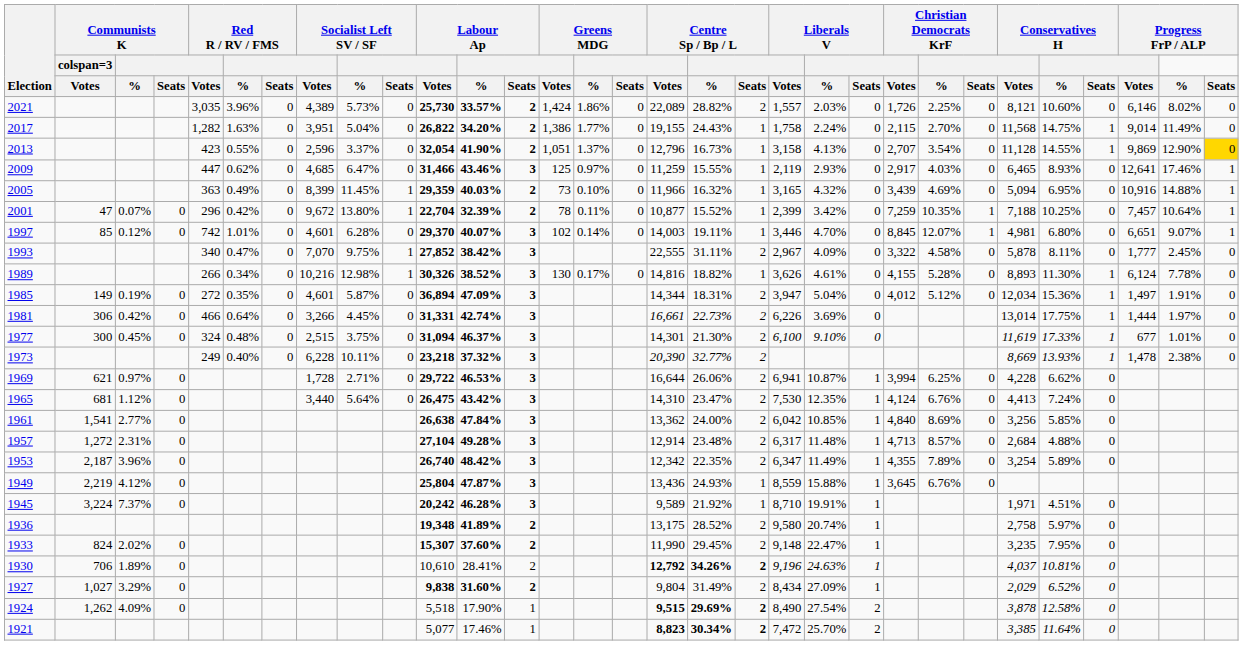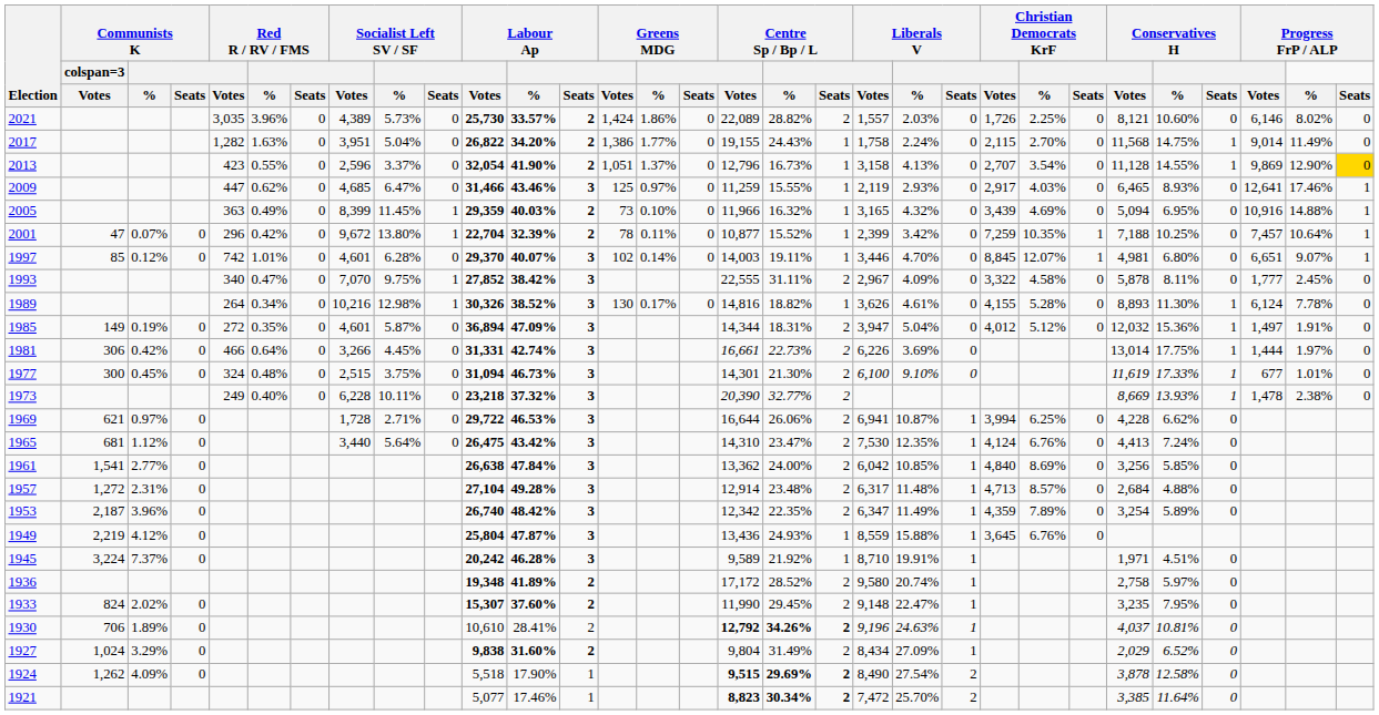 <table class="wikitable" border="1" style="font-size:80%; text-align:right;">
 <tr>
 <th style="text-align:left;" valign=bottom rowspan=3>Election</th>
 <th valign=bottom colspan=3><a href='#'>Communists</a><br>K</th>
 <th valign=bottom colspan=3><a href='#'>Red</a><br>R / RV / FMS</th>
 <th valign=bottom colspan=3><a href='#'>Socialist Left</a><br>SV / SF</th>
 <th valign=bottom colspan=3><a href='#'>Labour</a><br>Ap</th>
 <th valign=bottom colspan=3><a href='#'>Greens</a><br>MDG</th>
 <th valign=bottom colspan=3><a href='#'>Centre</a><br>Sp / Bp / L</th>
 <th valign=bottom colspan=3><a href='#'>Liberals</a><br>V</th>
 <th valign=bottom colspan=3><a href='#'>Christian<br>Democrats</a><br>KrF</th>
 <th valign=bottom colspan=3><a href='#'>Conservatives</a><br>H</th>
 <th valign=bottom colspan=3><a href='#'>Progress</a><br>FrP / ALP</th>
 </tr>
 <tr>
 <th>colspan=3 </th>
 <th colspan=3 style="background:"></th>
 <th colspan=3 style="background:"></th>
 <th colspan=3 style="background:"></th>
 <th colspan=3 style="background:"></th>
 <th colspan=3 style="background:"></th>
 <th colspan=3 style="background:"></th>
 <th colspan=3 style="background:"></th>
 <th colspan=3 style="background:"></th>
 <th colspan=3 style="background:"></th>
 </tr>
 <tr>
 <th>Votes</th>
 <th>%</th>
 <th>Seats</th>
 <th>Votes</th>
 <th>%</th>
 <th>Seats</th>
 <th>Votes</th>
 <th>%</th>
 <th>Seats</th>
 <th>Votes</th>
 <th>%</th>
 <th>Seats</th>
 <th>Votes</th>
 <th>%</th>
 <th>Seats</th>
 <th>Votes</th>
 <th>%</th>
 <th>Seats</th>
 <th>Votes</th>
 <th>%</th>
 <th>Seats</th>
 <th>Votes</th>
 <th>%</th>
 <th>Seats</th>
 <th>Votes</th>
 <th>%</th>
 <th>Seats</th>
 <th>Votes</th>
 <th>%</th>
 <th>Seats</th>
 </tr>
 <tr>
 <td align=left><a href='#'>2021</a></td>
 <td></td>
 <td></td>
 <td></td>
 <td>3,035</td>
 <td>3.96%</td>
 <td>0</td>
 <td>4,389</td>
 <td>5.73%</td>
 <td>0</td>
 <td><strong>25,730</strong></td>
 <td><strong>33.57%</strong></td>
 <td><strong>2</strong></td>
 <td>1,424</td>
 <td>1.86%</td>
 <td>0</td>
 <td>22,089</td>
 <td>28.82%</td>
 <td>2</td>
 <td>1,557</td>
 <td>2.03%</td>
 <td>0</td>
 <td>1,726</td>
 <td>2.25%</td>
 <td>0</td>
 <td>8,121</td>
 <td>10.60%</td>
 <td>0</td>
 <td>6,146</td>
 <td>8.02%</td>
 <td>0</td>
 </tr>
 <tr>
 <td align=left><a href='#'>2017</a></td>
 <td></td>
 <td></td>
 <td></td>
 <td>1,282</td>
 <td>1.63%</td>
 <td>0</td>
 <td>3,951</td>
 <td>5.04%</td>
 <td>0</td>
 <td><strong>26,822</strong></td>
 <td><strong>34.20%</strong></td>
 <td><strong>2</strong></td>
 <td>1,386</td>
 <td>1.77%</td>
 <td>0</td>
 <td>19,155</td>
 <td>24.43%</td>
 <td>1</td>
 <td>1,758</td>
 <td>2.24%</td>
 <td>0</td>
 <td>2,115</td>
 <td>2.70%</td>
 <td>0</td>
 <td>11,568</td>
 <td>14.75%</td>
 <td>1</td>
 <td>9,014</td>
 <td>11.49%</td>
 <td>0</td>
 </tr>
 <tr>
 <td align=left><a href='#'>2013</a></td>
 <td></td>
 <td></td>
 <td></td>
 <td>423</td>
 <td>0.55%</td>
 <td>0</td>
 <td>2,596</td>
 <td>3.37%</td>
 <td>0</td>
 <td><strong>32,054</strong></td>
 <td><strong>41.90%</strong></td>
 <td><strong>2</strong></td>
 <td>1,051</td>
 <td>1.37%</td>
 <td>0</td>
 <td>12,796</td>
 <td>16.73%</td>
 <td>1</td>
 <td>3,158</td>
 <td>4.13%</td>
 <td>0</td>
 <td>2,707</td>
 <td>3.54%</td>
 <td>0</td>
 <td>11,128</td>
 <td>14.55%</td>
 <td>1</td>
 <td>9,869</td>
 <td>12.90%</td>
 <td style="background: gold;">0</td>
 </tr>
 <tr>
 <td align=left><a href='#'>2009</a></td>
 <td></td>
 <td></td>
 <td></td>
 <td>447</td>
 <td>0.62%</td>
 <td>0</td>
 <td>4,685</td>
 <td>6.47%</td>
 <td>0</td>
 <td><strong>31,466</strong></td>
 <td><strong>43.46%</strong></td>
 <td><strong>3</strong></td>
 <td>125</td>
 <td>0.97%</td>
 <td>0</td>
 <td>11,259</td>
 <td>15.55%</td>
 <td>1</td>
 <td>2,119</td>
 <td>2.93%</td>
 <td>0</td>
 <td>2,917</td>
 <td>4.03%</td>
 <td>0</td>
 <td>6,465</td>
 <td>8.93%</td>
 <td>0</td>
 <td>12,641</td>
 <td>17.46%</td>
 <td>1</td>
 </tr>
 <tr>
 <td align=left><a href='#'>2005</a></td>
 <td></td>
 <td></td>
 <td></td>
 <td>363</td>
 <td>0.49%</td>
 <td>0</td>
 <td>8,399</td>
 <td>11.45%</td>
 <td>1</td>
 <td><strong>29,359</strong></td>
 <td><strong>40.03%</strong></td>
 <td><strong>2</strong></td>
 <td>73</td>
 <td>0.10%</td>
 <td>0</td>
 <td>11,966</td>
 <td>16.32%</td>
 <td>1</td>
 <td>3,165</td>
 <td>4.32%</td>
 <td>0</td>
 <td>3,439</td>
 <td>4.69%</td>
 <td>0</td>
 <td>5,094</td>
 <td>6.95%</td>
 <td>0</td>
 <td>10,916</td>
 <td>14.88%</td>
 <td>1</td>
 </tr>
 <tr>
 <td align=left><a href='#'>2001</a></td>
 <td>47</td>
 <td>0.07%</td>
 <td>0</td>
 <td>296</td>
 <td>0.42%</td>
 <td>0</td>
 <td>9,672</td>
 <td>13.80%</td>
 <td>1</td>
 <td><strong>22,704</strong></td>
 <td><strong>32.39%</strong></td>
 <td><strong>2</strong></td>
 <td>78</td>
 <td>0.11%</td>
 <td>0</td>
 <td>10,877</td>
 <td>15.52%</td>
 <td>1</td>
 <td>2,399</td>
 <td>3.42%</td>
 <td>0</td>
 <td>7,259</td>
 <td>10.35%</td>
 <td>1</td>
 <td>7,188</td>
 <td>10.25%</td>
 <td>0</td>
 <td>7,457</td>
 <td>10.64%</td>
 <td>1</td>
 </tr>
 <tr>
 <td align=left><a href='#'>1997</a></td>
 <td>85</td>
 <td>0.12%</td>
 <td>0</td>
 <td>742</td>
 <td>1.01%</td>
 <td>0</td>
 <td>4,601</td>
 <td>6.28%</td>
 <td>0</td>
 <td><strong>29,370</strong></td>
 <td><strong>40.07%</strong></td>
 <td><strong>3</strong></td>
 <td>102</td>
 <td>0.14%</td>
 <td>0</td>
 <td>14,003</td>
 <td>19.11%</td>
 <td>1</td>
 <td>3,446</td>
 <td>4.70%</td>
 <td>0</td>
 <td>8,845</td>
 <td>12.07%</td>
 <td>1</td>
 <td>4,981</td>
 <td>6.80%</td>
 <td>0</td>
 <td>6,651</td>
 <td>9.07%</td>
 <td>1</td>
 </tr>
 <tr>
 <td align=left><a href='#'>1993</a></td>
 <td></td>
 <td></td>
 <td></td>
 <td>340</td>
 <td>0.47%</td>
 <td>0</td>
 <td>7,070</td>
 <td>9.75%</td>
 <td>1</td>
 <td><strong>27,852</strong></td>
 <td><strong>38.42%</strong></td>
 <td><strong>3</strong></td>
 <td></td>
 <td></td>
 <td></td>
 <td>22,555</td>
 <td>31.11%</td>
 <td>2</td>
 <td>2,967</td>
 <td>4.09%</td>
 <td>0</td>
 <td>3,322</td>
 <td>4.58%</td>
 <td>0</td>
 <td>5,878</td>
 <td>8.11%</td>
 <td>0</td>
 <td>1,777</td>
 <td>2.45%</td>
 <td>0</td>
 </tr>
 <tr>
 <td align=left><a href='#'>1989</a></td>
 <td></td>
 <td></td>
 <td></td>
-<td>266</td>
+<td>264</td>
 <td>0.34%</td>
 <td>0</td>
 <td>10,216</td>
 <td>12.98%</td>
 <td>1</td>
 <td><strong>30,326</strong></td>
 <td><strong>38.52%</strong></td>
 <td><strong>3</strong></td>
 <td>130</td>
 <td>0.17%</td>
 <td>0</td>
 <td>14,816</td>
 <td>18.82%</td>
 <td>1</td>
 <td>3,626</td>
 <td>4.61%</td>
 <td>0</td>
 <td>4,155</td>
 <td>5.28%</td>
 <td>0</td>
 <td>8,893</td>
 <td>11.30%</td>
 <td>1</td>
 <td>6,124</td>
 <td>7.78%</td>
 <td>0</td>
 </tr>
 <tr>
 <td align=left><a href='#'>1985</a></td>
 <td>149</td>
 <td>0.19%</td>
 <td>0</td>
 <td>272</td>
 <td>0.35%</td>
 <td>0</td>
 <td>4,601</td>
 <td>5.87%</td>
 <td>0</td>
 <td><strong>36,894</strong></td>
 <td><strong>47.09%</strong></td>
 <td><strong>3</strong></td>
 <td></td>
 <td></td>
 <td></td>
 <td>14,344</td>
 <td>18.31%</td>
 <td>2</td>
 <td>3,947</td>
 <td>5.04%</td>
 <td>0</td>
 <td>4,012</td>
 <td>5.12%</td>
 <td>0</td>
-<td>12,034</td>
+<td>12,032</td>
 <td>15.36%</td>
 <td>1</td>
 <td>1,497</td>
 <td>1.91%</td>
 <td>0</td>
 </tr>
 <tr>
 <td align=left><a href='#'>1981</a></td>
 <td>306</td>
 <td>0.42%</td>
 <td>0</td>
 <td>466</td>
 <td>0.64%</td>
 <td>0</td>
 <td>3,266</td>
 <td>4.45%</td>
 <td>0</td>
 <td><strong>31,331</strong></td>
 <td><strong>42.74%</strong></td>
 <td><strong>3</strong></td>
 <td></td>
 <td></td>
 <td></td>
 <td><em>16,661</em></td>
 <td><em>22.73%</em></td>
 <td><em>2</em></td>
 <td>6,226</td>
 <td>3.69%</td>
 <td>0</td>
 <td></td>
 <td></td>
 <td></td>
 <td>13,014</td>
 <td>17.75%</td>
 <td>1</td>
 <td>1,444</td>
 <td>1.97%</td>
 <td>0</td>
 </tr>
 <tr>
 <td align=left><a href='#'>1977</a></td>
 <td>300</td>
 <td>0.45%</td>
 <td>0</td>
 <td>324</td>
 <td>0.48%</td>
 <td>0</td>
 <td>2,515</td>
 <td>3.75%</td>
 <td>0</td>
 <td><strong>31,094</strong></td>
-<td><strong>46.37%</strong></td>
+<td><strong>46.73%</strong></td>
 <td><strong>3</strong></td>
 <td></td>
 <td></td>
 <td></td>
 <td>14,301</td>
 <td>21.30%</td>
 <td>2</td>
 <td><em>6,100</em></td>
 <td><em>9.10%</em></td>
 <td><em>0</em></td>
 <td></td>
 <td></td>
 <td></td>
 <td><em>11,619</em></td>
 <td><em>17.33%</em></td>
 <td><em>1</em></td>
 <td>677</td>
 <td>1.01%</td>
 <td>0</td>
 </tr>
 <tr>
 <td align=left><a href='#'>1973</a></td>
 <td></td>
 <td></td>
 <td></td>
 <td>249</td>
 <td>0.40%</td>
 <td>0</td>
 <td>6,228</td>
 <td>10.11%</td>
 <td>0</td>
 <td><strong>23,218</strong></td>
 <td><strong>37.32%</strong></td>
 <td><strong>3</strong></td>
 <td></td>
 <td></td>
 <td></td>
 <td><em>20,390</em></td>
 <td><em>32.77%</em></td>
 <td><em>2</em></td>
 <td></td>
 <td></td>
 <td></td>
 <td></td>
 <td></td>
 <td></td>
 <td><em>8,669</em></td>
 <td><em>13.93%</em></td>
 <td><em>1</em></td>
 <td>1,478</td>
 <td>2.38%</td>
 <td>0</td>
 </tr>
 <tr>
 <td align=left><a href='#'>1969</a></td>
 <td>621</td>
 <td>0.97%</td>
 <td>0</td>
 <td></td>
 <td></td>
 <td></td>
 <td>1,728</td>
 <td>2.71%</td>
 <td>0</td>
 <td><strong>29,722</strong></td>
 <td><strong>46.53%</strong></td>
 <td><strong>3</strong></td>
 <td></td>
 <td></td>
 <td></td>
 <td>16,644</td>
 <td>26.06%</td>
 <td>2</td>
 <td>6,941</td>
 <td>10.87%</td>
 <td>1</td>
 <td>3,994</td>
 <td>6.25%</td>
 <td>0</td>
 <td>4,228</td>
 <td>6.62%</td>
 <td>0</td>
 <td></td>
 <td></td>
 <td></td>
 </tr>
 <tr>
 <td align=left><a href='#'>1965</a></td>
 <td>681</td>
 <td>1.12%</td>
 <td>0</td>
 <td></td>
 <td></td>
 <td></td>
 <td>3,440</td>
 <td>5.64%</td>
 <td>0</td>
 <td><strong>26,475</strong></td>
 <td><strong>43.42%</strong></td>
 <td><strong>3</strong></td>
 <td></td>
 <td></td>
 <td></td>
 <td>14,310</td>
 <td>23.47%</td>
 <td>2</td>
 <td>7,530</td>
 <td>12.35%</td>
 <td>1</td>
 <td>4,124</td>
 <td>6.76%</td>
 <td>0</td>
 <td>4,413</td>
 <td>7.24%</td>
 <td>0</td>
 <td></td>
 <td></td>
 <td></td>
 </tr>
 <tr>
 <td align=left><a href='#'>1961</a></td>
 <td>1,541</td>
 <td>2.77%</td>
 <td>0</td>
 <td></td>
 <td></td>
 <td></td>
 <td></td>
 <td></td>
 <td></td>
 <td><strong>26,638</strong></td>
 <td><strong>47.84%</strong></td>
 <td><strong>3</strong></td>
 <td></td>
 <td></td>
 <td></td>
 <td>13,362</td>
 <td>24.00%</td>
 <td>2</td>
 <td>6,042</td>
 <td>10.85%</td>
 <td>1</td>
 <td>4,840</td>
 <td>8.69%</td>
 <td>0</td>
 <td>3,256</td>
 <td>5.85%</td>
 <td>0</td>
 <td></td>
 <td></td>
 <td></td>
 </tr>
 <tr>
 <td align=left><a href='#'>1957</a></td>
 <td>1,272</td>
 <td>2.31%</td>
 <td>0</td>
 <td></td>
 <td></td>
 <td></td>
 <td></td>
 <td></td>
 <td></td>
 <td><strong>27,104</strong></td>
 <td><strong>49.28%</strong></td>
 <td><strong>3</strong></td>
 <td></td>
 <td></td>
 <td></td>
 <td>12,914</td>
 <td>23.48%</td>
 <td>2</td>
 <td>6,317</td>
 <td>11.48%</td>
 <td>1</td>
 <td>4,713</td>
 <td>8.57%</td>
 <td>0</td>
 <td>2,684</td>
 <td>4.88%</td>
 <td>0</td>
 <td></td>
 <td></td>
 <td></td>
 </tr>
 <tr>
 <td align=left><a href='#'>1953</a></td>
 <td>2,187</td>
 <td>3.96%</td>
 <td>0</td>
 <td></td>
 <td></td>
 <td></td>
 <td></td>
 <td></td>
 <td></td>
 <td><strong>26,740</strong></td>
 <td><strong>48.42%</strong></td>
 <td><strong>3</strong></td>
 <td></td>
 <td></td>
 <td></td>
 <td>12,342</td>
 <td>22.35%</td>
 <td>2</td>
 <td>6,347</td>
 <td>11.49%</td>
 <td>1</td>
-<td>4,355</td>
+<td>4,359</td>
 <td>7.89%</td>
 <td>0</td>
 <td>3,254</td>
 <td>5.89%</td>
 <td>0</td>
 <td></td>
 <td></td>
 <td></td>
 </tr>
 <tr>
 <td align=left><a href='#'>1949</a></td>
 <td>2,219</td>
 <td>4.12%</td>
 <td>0</td>
 <td></td>
 <td></td>
 <td></td>
 <td></td>
 <td></td>
 <td></td>
 <td><strong>25,804</strong></td>
 <td><strong>47.87%</strong></td>
 <td><strong>3</strong></td>
 <td></td>
 <td></td>
 <td></td>
 <td>13,436</td>
 <td>24.93%</td>
 <td>1</td>
 <td>8,559</td>
 <td>15.88%</td>
 <td>1</td>
 <td>3,645</td>
 <td>6.76%</td>
 <td>0</td>
 <td></td>
 <td></td>
 <td></td>
 <td></td>
 <td></td>
 <td></td>
 </tr>
 <tr>
 <td align=left><a href='#'>1945</a></td>
 <td>3,224</td>
 <td>7.37%</td>
 <td>0</td>
 <td></td>
 <td></td>
 <td></td>
 <td></td>
 <td></td>
 <td></td>
 <td><strong>20,242</strong></td>
 <td><strong>46.28%</strong></td>
 <td><strong>3</strong></td>
 <td></td>
 <td></td>
 <td></td>
 <td>9,589</td>
 <td>21.92%</td>
 <td>1</td>
 <td>8,710</td>
 <td>19.91%</td>
 <td>1</td>
 <td></td>
 <td></td>
 <td></td>
 <td>1,971</td>
 <td>4.51%</td>
 <td>0</td>
 <td></td>
 <td></td>
 <td></td>
 </tr>
 <tr>
 <td align=left><a href='#'>1936</a></td>
 <td></td>
 <td></td>
 <td></td>
 <td></td>
 <td></td>
 <td></td>
 <td></td>
 <td></td>
 <td></td>
 <td><strong>19,348</strong></td>
 <td><strong>41.89%</strong></td>
 <td><strong>2</strong></td>
 <td></td>
 <td></td>
 <td></td>
-<td>13,175</td>
+<td>17,172</td>
 <td>28.52%</td>
 <td>2</td>
 <td>9,580</td>
 <td>20.74%</td>
 <td>1</td>
 <td></td>
 <td></td>
 <td></td>
 <td>2,758</td>
 <td>5.97%</td>
 <td>0</td>
 <td></td>
 <td></td>
 <td></td>
 </tr>
 <tr>
 <td align=left><a href='#'>1933</a></td>
 <td>824</td>
 <td>2.02%</td>
 <td>0</td>
 <td></td>
 <td></td>
 <td></td>
 <td></td>
 <td></td>
 <td></td>
 <td><strong>15,307</strong></td>
 <td><strong>37.60%</strong></td>
 <td><strong>2</strong></td>
 <td></td>
 <td></td>
 <td></td>
 <td>11,990</td>
 <td>29.45%</td>
 <td>2</td>
 <td>9,148</td>
 <td>22.47%</td>
 <td>1</td>
 <td></td>
 <td></td>
 <td></td>
 <td>3,235</td>
 <td>7.95%</td>
 <td>0</td>
 <td></td>
 <td></td>
 <td></td>
 </tr>
 <tr>
 <td align=left><a href='#'>1930</a></td>
 <td>706</td>
 <td>1.89%</td>
 <td>0</td>
 <td></td>
 <td></td>
 <td></td>
 <td></td>
 <td></td>
 <td></td>
 <td>10,610</td>
 <td>28.41%</td>
 <td>2</td>
 <td></td>
 <td></td>
 <td></td>
 <td><strong>12,792</strong></td>
 <td><strong>34.26%</strong></td>
 <td><strong>2</strong></td>
 <td><em>9,196</em></td>
 <td><em>24.63%</em></td>
 <td><em>1</em></td>
 <td></td>
 <td></td>
 <td></td>
 <td><em>4,037</em></td>
 <td><em>10.81%</em></td>
 <td><em>0</em></td>
 <td></td>
 <td></td>
 <td></td>
 </tr>
 <tr>
 <td align=left><a href='#'>1927</a></td>
-<td>1,027</td>
+<td>1,024</td>
 <td>3.29%</td>
 <td>0</td>
 <td></td>
 <td></td>
 <td></td>
 <td></td>
 <td></td>
 <td></td>
 <td><strong>9,838</strong></td>
 <td><strong>31.60%</strong></td>
 <td><strong>2</strong></td>
 <td></td>
 <td></td>
 <td></td>
 <td>9,804</td>
 <td>31.49%</td>
 <td>2</td>
 <td>8,434</td>
 <td>27.09%</td>
 <td>1</td>
 <td></td>
 <td></td>
 <td></td>
 <td><em>2,029</em></td>
 <td><em>6.52%</em></td>
 <td><em>0</em></td>
 <td></td>
 <td></td>
 <td></td>
 </tr>
 <tr>
 <td align=left><a href='#'>1924</a></td>
 <td>1,262</td>
 <td>4.09%</td>
 <td>0</td>
 <td></td>
 <td></td>
 <td></td>
 <td></td>
 <td></td>
 <td></td>
 <td>5,518</td>
 <td>17.90%</td>
 <td>1</td>
 <td></td>
 <td></td>
 <td></td>
 <td><strong>9,515</strong></td>
 <td><strong>29.69%</strong></td>
 <td><strong>2</strong></td>
 <td>8,490</td>
 <td>27.54%</td>
 <td>2</td>
 <td></td>
 <td></td>
 <td></td>
 <td><em>3,878</em></td>
 <td><em>12.58%</em></td>
 <td><em>0</em></td>
 <td></td>
 <td></td>
 <td></td>
 </tr>
 <tr>
 <td align=left><a href='#'>1921</a></td>
 <td></td>
 <td></td>
 <td></td>
 <td></td>
 <td></td>
 <td></td>
 <td></td>
 <td></td>
 <td></td>
 <td>5,077</td>
 <td>17.46%</td>
 <td>1</td>
 <td></td>
 <td></td>
 <td></td>
 <td><strong>8,823</strong></td>
 <td><strong>30.34%</strong></td>
 <td><strong>2</strong></td>
 <td>7,472</td>
 <td>25.70%</td>
 <td>2</td>
 <td></td>
 <td></td>
 <td></td>
 <td><em>3,385</em></td>
 <td><em>11.64%</em></td>
 <td><em>0</em></td>
 <td></td>
 <td></td>
 <td></td>
 </tr>
 </table>
